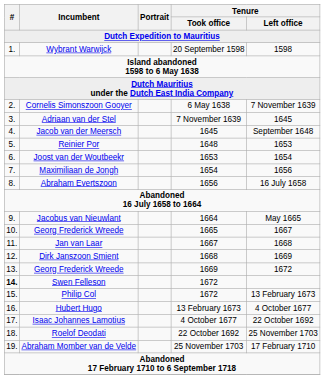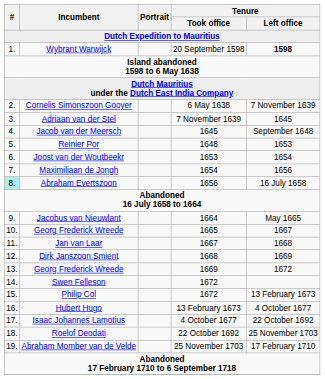 <table class="wikitable" style="font-size:85%;text-align:center">
 <tr>
 <th rowspan="2">#</th>
 <th rowspan="2">Incumbent</th>
 <th rowspan="2">Portrait</th>
 <th colspan="2">Tenure</th>
 </tr>
 <tr>
 <th>Took office</th>
 <th>Left office</th>
 </tr>
 <tr bgcolor=#EEEEEE>
 <td align=center colspan=8><strong><a href='#'>Dutch Expedition to Mauritius</a></strong></td>
 </tr>
 <tr>
 <td>1.</td>
 <td><a href='#'>Wybrant Warwijck</a></td>
 <td></td>
 <td>20 September 1598</td>
-<td>1598</td>
+<td><strong>1598</strong></td>
 </tr>
 <tr>
 <td align=center colspan=8><strong>Island abandoned<br>1598 to 6 May 1638</strong></td>
 </tr>
 <tr bgcolor=#EEEEEE>
 <td align=center colspan=8><strong><a href='#'>Dutch Mauritius</a><br>under the <a href='#'>Dutch East India Company</a></strong></td>
 </tr>
 <tr>
 <td>2.</td>
 <td><a href='#'>Cornelis Simonszoon Gooyer</a></td>
 <td></td>
 <td>6 May 1638</td>
 <td>7 November 1639</td>
 </tr>
 <tr>
 <td>3.</td>
 <td><a href='#'>Adriaan van der Stel</a></td>
 <td></td>
 <td>7 November 1639</td>
 <td>1645</td>
 </tr>
 <tr>
 <td>4.</td>
 <td><a href='#'>Jacob van der Meersch</a></td>
 <td></td>
 <td>1645</td>
 <td>September 1648</td>
 </tr>
 <tr>
 <td>5.</td>
 <td><a href='#'>Reinier Por</a></td>
 <td></td>
 <td>1648</td>
 <td>1653</td>
 </tr>
 <tr>
 <td>6.</td>
 <td><a href='#'>Joost van der Woutbeekr</a></td>
 <td></td>
 <td>1653</td>
 <td>1654</td>
 </tr>
 <tr>
 <td>7.</td>
 <td><a href='#'>Maximiliaan de Jongh</a></td>
 <td></td>
 <td>1654</td>
 <td>1656</td>
 </tr>
 <tr>
-<td>8.</td>
+<td style="background: paleturquoise;">8.</td>
 <td><a href='#'>Abraham Evertszoon</a></td>
 <td></td>
 <td>1656</td>
 <td>16 July 1658</td>
 </tr>
 <tr>
 <td align=center colspan=8><strong>Abandoned<br>16 July 1658 to 1664</strong></td>
 </tr>
 <tr>
 <td>9.</td>
 <td><a href='#'>Jacobus van Nieuwlant</a></td>
 <td></td>
 <td>1664</td>
 <td>May 1665</td>
 </tr>
 <tr>
 <td>10.</td>
 <td><a href='#'>Georg Frederick Wreede</a></td>
 <td></td>
 <td>1665</td>
 <td>1667</td>
 </tr>
 <tr>
 <td>11.</td>
 <td><a href='#'>Jan van Laar</a></td>
 <td></td>
 <td>1667</td>
 <td>1668</td>
 </tr>
 <tr>
 <td>12.</td>
 <td><a href='#'>Dirk Janszoon Smient</a></td>
 <td></td>
 <td>1668</td>
 <td>1669</td>
 </tr>
 <tr>
 <td>13.</td>
 <td><a href='#'>Georg Frederick Wreede</a></td>
 <td></td>
 <td>1669</td>
 <td>1672</td>
 </tr>
 <tr>
-<td><strong>14.</strong></td>
+<td>14.</td>
 <td><a href='#'>Swen Felleson</a></td>
 <td></td>
 <td>1672</td>
 <td></td>
 </tr>
 <tr>
 <td>15.</td>
 <td><a href='#'>Philip Col</a></td>
 <td></td>
 <td>1672</td>
 <td>13 February 1673</td>
 </tr>
 <tr>
 <td>16.</td>
 <td><a href='#'>Hubert Hugo</a></td>
 <td></td>
 <td>13 February 1673</td>
 <td>4 October 1677</td>
 </tr>
 <tr>
 <td>17.</td>
 <td><a href='#'>Isaac Johannes Lamotius</a></td>
 <td></td>
 <td>4 October 1677</td>
 <td>22 October 1692</td>
 </tr>
 <tr>
 <td>18.</td>
 <td><a href='#'>Roelof Deodati</a></td>
 <td></td>
 <td>22 October 1692</td>
 <td>25 November 1703</td>
 </tr>
 <tr>
 <td>19.</td>
 <td><a href='#'>Abraham Momber van de Velde</a></td>
 <td></td>
 <td>25 November 1703</td>
 <td>17 February 1710</td>
 </tr>
 <tr>
 <td align=center colspan=8><strong>Abandoned<br>17 February 1710 to 6 September 1718</strong></td>
 </tr>
 <tr>
 </tr>
 </table>
